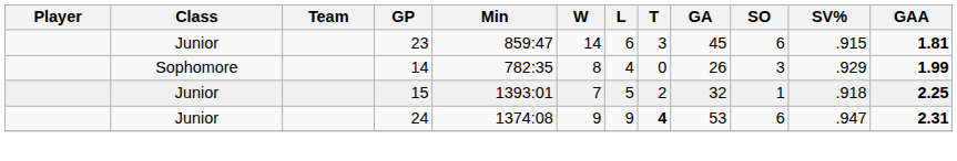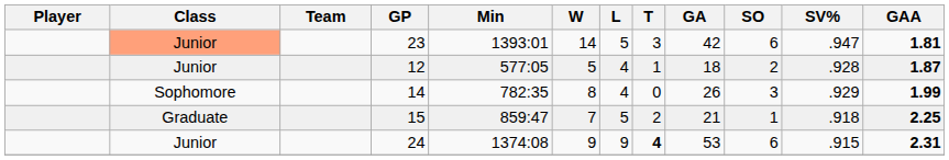 <table class="wikitable sortable" style="text-align: center; "width=60%">
 <tr>
 <th>Player</th>
 <th>Class</th>
 <th>Team</th>
 <th>GP</th>
 <th>Min</th>
 <th>W</th>
 <th>L</th>
 <th>T</th>
 <th>GA</th>
 <th>SO</th>
 <th>SV%</th>
 <th>GAA</th>
 </tr>
 <tr>
 <td style="text-align: left"></td>
+<td style="background: lightsalmon;">Junior</td>
+<td><strong><a href='#'></a></strong></td>
+<td style="text-align: right">23</td>
+<td style="text-align: right">1393:01</td>
+<td style="text-align: right">14</td>
+<td style="text-align: right">5</td>
+<td style="text-align: right">3</td>
+<td style="text-align: right">42</td>
+<td style="text-align: right">6</td>
+<td style="text-align: right">.947</td>
+<td style="text-align: right"><strong>1.81</strong></td>
+</tr>
+<tr bgcolor=f0f0f0>
+<td style="text-align: left"></td>
 <td>Junior</td>
 <td><strong><a href='#'></a></strong></td>
-<td style="text-align: right">23</td>
-<td style="text-align: right">859:47</td>
-<td style="text-align: right">14</td>
-<td style="text-align: right">6</td>
-<td style="text-align: right">3</td>
-<td style="text-align: right">45</td>
-<td style="text-align: right">6</td>
-<td style="text-align: right">.915</td>
-<td style="text-align: right"><strong>1.81</strong></td>
+<td style="text-align: right">12</td>
+<td style="text-align: right">577:05</td>
+<td style="text-align: right">5</td>
+<td style="text-align: right">4</td>
+<td style="text-align: right">1</td>
+<td style="text-align: right">18</td>
+<td style="text-align: right">2</td>
+<td style="text-align: right">.928</td>
+<td style="text-align: right"><strong>1.87</strong></td>
 </tr>
 <tr>
 <td style="text-align: left"></td>
 <td>Sophomore</td>
 <td><strong><a href='#'></a></strong></td>
 <td style="text-align: right">14</td>
 <td style="text-align: right">782:35</td>
 <td style="text-align: right">8</td>
 <td style="text-align: right">4</td>
 <td style="text-align: right">0</td>
 <td style="text-align: right">26</td>
 <td style="text-align: right">3</td>
 <td style="text-align: right">.929</td>
 <td style="text-align: right"><strong>1.99</strong></td>
 </tr>
 <tr bgcolor=f0f0f0>
 <td style="text-align: left"></td>
-<td>Junior</td>
+<td>Graduate</td>
 <td><strong><a href='#'></a></strong></td>
 <td style="text-align: right">15</td>
-<td style="text-align: right">1393:01</td>
+<td style="text-align: right">859:47</td>
 <td style="text-align: right">7</td>
 <td style="text-align: right">5</td>
 <td style="text-align: right">2</td>
-<td style="text-align: right">32</td>
+<td style="text-align: right">21</td>
 <td style="text-align: right">1</td>
 <td style="text-align: right">.918</td>
 <td style="text-align: right"><strong>2.25</strong></td>
 </tr>
 <tr>
 <td style="text-align: left"></td>
 <td>Junior</td>
 <td><strong><a href='#'></a></strong></td>
 <td style="text-align: right">24</td>
 <td style="text-align: right">1374:08</td>
 <td style="text-align: right">9</td>
 <td style="text-align: right">9</td>
 <td style="text-align: right"><strong>4</strong></td>
 <td style="text-align: right">53</td>
 <td style="text-align: right">6</td>
-<td style="text-align: right">.947</td>
+<td style="text-align: right">.915</td>
 <td style="text-align: right"><strong>2.31</strong></td>
 </tr>
 <tr>
 </tr>
 </table>
